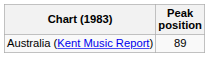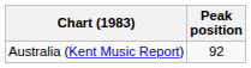 <table class="wikitable">
 <tr>
 <th scope="col">Chart (1983)</th>
 <th>Peak<br>position</th>
 </tr>
 <tr>
 <td>Australia (<a href='#'>Kent Music Report</a>)</td>
-<td style="text-align:center;">89</td>
+<td style="text-align:center;">92</td>
 </tr>
 </table>
